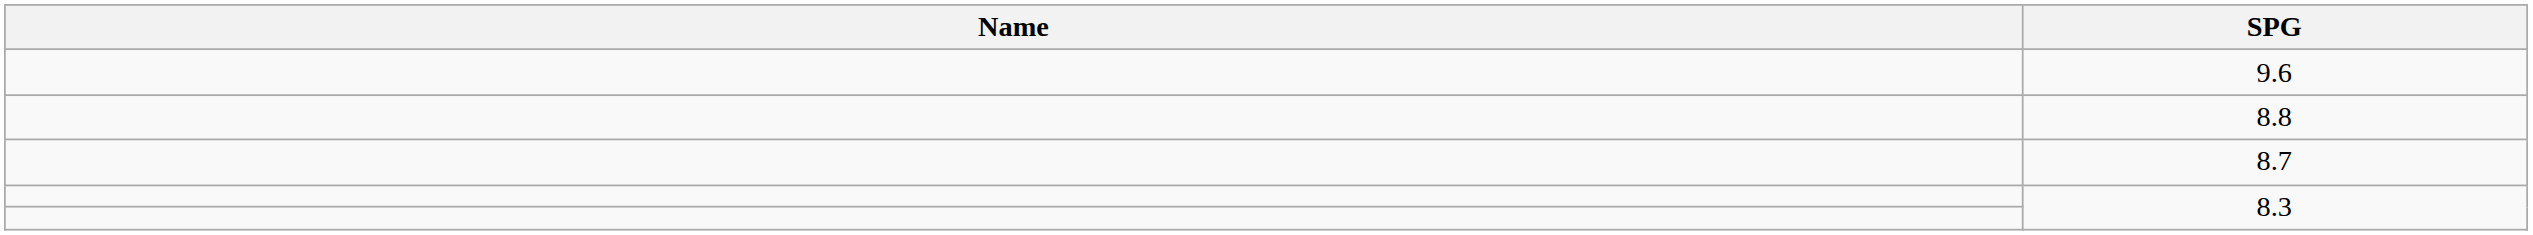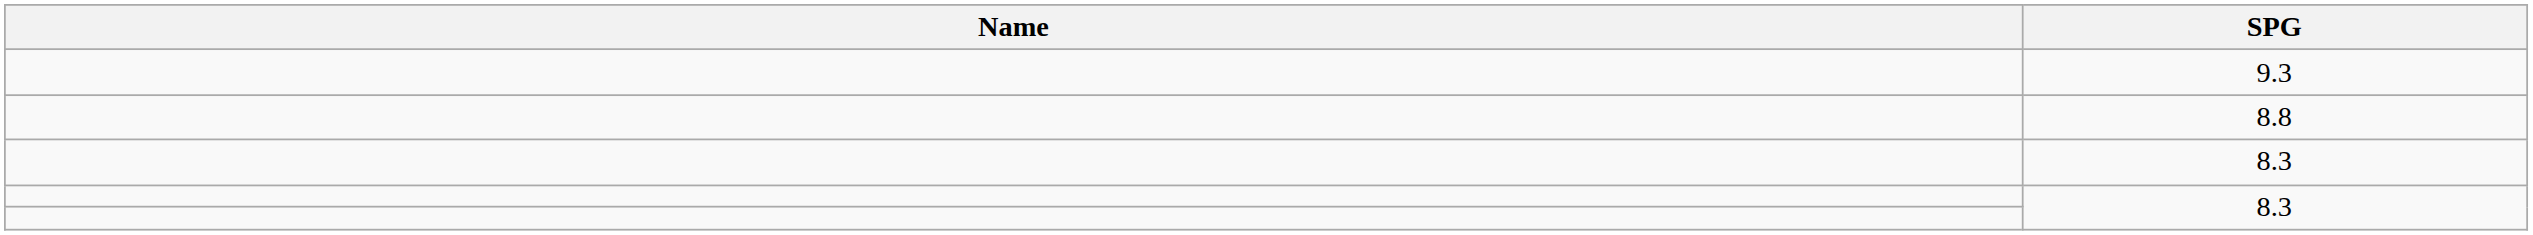 <table class=wikitable width="90%">
 <tr>
 <th width="80%">Name</th>
 <th width="20%">SPG</th>
 </tr>
 <tr>
 <td></td>
-<td align=center>9.6</td>
+<td align=center>9.3</td>
 </tr>
 <tr>
 <td></td>
 <td align=center>8.8</td>
 </tr>
 <tr>
 <td></td>
-<td align=center>8.7</td>
+<td align=center>8.3</td>
 </tr>
 <tr>
 <td></td>
 <td align=center rowspan=2>8.3</td>
 </tr>
 <tr>
 <td></td>
 </tr>
 </table>
